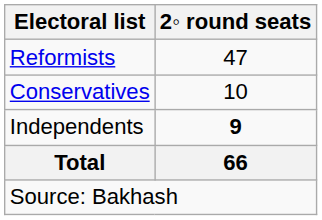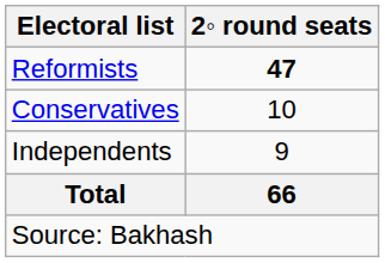 <table class=wikitable style=text-align:center>
 <tr>
 <th>Electoral list</th>
 <th>2◦ round seats</th>
 </tr>
 <tr>
 <td align=left><a href='#'>Reformists</a></td>
-<td>47</td>
+<td><strong>47</strong></td>
 </tr>
 <tr>
 <td align=left><a href='#'>Conservatives</a></td>
 <td>10</td>
 </tr>
 <tr>
 <td align=left>Independents</td>
-<td><strong>9</strong></td>
+<td>9</td>
 </tr>
 <tr>
 <th align=left>Total</th>
 <th>66</th>
 </tr>
 <tr>
 <td colspan=4 align=left>Source: Bakhash</td>
 </tr>
 </table>
